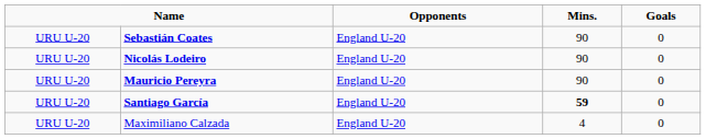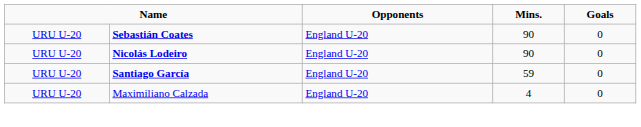 <table class= width=90% border="2" cellpadding="4" cellspacing="0" style="text-align=center: 1em 1em 1em 0; background: #f9f9f9; border: 1px #aaa solid; border-collapse: collapse; font-size: 95%;">
 <tr>
 <th width=25% colspan=2>Name</th>
 <th width=16%>Opponents</th>
 <th width=6%>Mins.</th>
 <th width=6%>Goals</th>
 </tr>
 <tr>
 <td align=center> <a href='#'>URU U-20</a></td>
 <td><strong><a href='#'>Sebastián Coates</a></strong></td>
 <td> <a href='#'>England U-20</a></td>
 <td align=center>90</td>
 <td align=center>0</td>
 </tr>
 <tr>
 <td align=center> <a href='#'>URU U-20</a></td>
 <td><strong><a href='#'>Nicolás Lodeiro</a></strong></td>
 <td> <a href='#'>England U-20</a></td>
 <td align=center>90</td>
 <td align=center>0</td>
 </tr>
 <tr>
 <td align=center> <a href='#'>URU U-20</a></td>
-<td><strong><a href='#'>Mauricio Pereyra</a></strong></td>
-<td> <a href='#'>England U-20</a></td>
-<td align=center>90</td>
-<td align=center>0</td>
-</tr>
-<tr>
-<td align=center> <a href='#'>URU U-20</a></td>
 <td><strong><a href='#'>Santiago García</a></strong></td>
 <td> <a href='#'>England U-20</a></td>
-<td align=center><strong>59</strong></td>
+<td align=center>59</td>
 <td align=center>0</td>
 </tr>
 <tr>
 <td align=center> <a href='#'>URU U-20</a></td>
 <td><a href='#'>Maximiliano Calzada</a></td>
 <td> <a href='#'>England U-20</a></td>
 <td align=center>4</td>
 <td align=center>0</td>
 </tr>
 </table>
